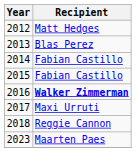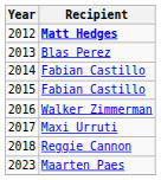 <table class="wikitable">
 <tr>
 <th>Year</th>
 <th>Recipient</th>
 </tr>
 <tr>
 <td>2012</td>
-<td> <a href='#'>Matt Hedges</a></td>
+<td><strong> <a href='#'>Matt Hedges</a></strong></td>
 </tr>
 <tr>
 <td>2013</td>
 <td> <a href='#'>Blas Perez</a></td>
 </tr>
 <tr>
 <td>2014</td>
 <td> <a href='#'>Fabian Castillo</a></td>
 </tr>
 <tr>
 <td>2015</td>
 <td> <a href='#'>Fabian Castillo</a></td>
 </tr>
 <tr>
 <td>2016</td>
-<td><strong> <a href='#'>Walker Zimmerman</a></strong></td>
+<td> <a href='#'>Walker Zimmerman</a></td>
 </tr>
 <tr>
 <td>2017</td>
 <td> <a href='#'>Maxi Urruti</a></td>
 </tr>
 <tr>
 <td>2018</td>
 <td> <a href='#'>Reggie Cannon</a></td>
 </tr>
 <tr>
 <td>2023</td>
 <td> <a href='#'>Maarten Paes</a></td>
 </tr>
 <tr>
 </tr>
 </table>
